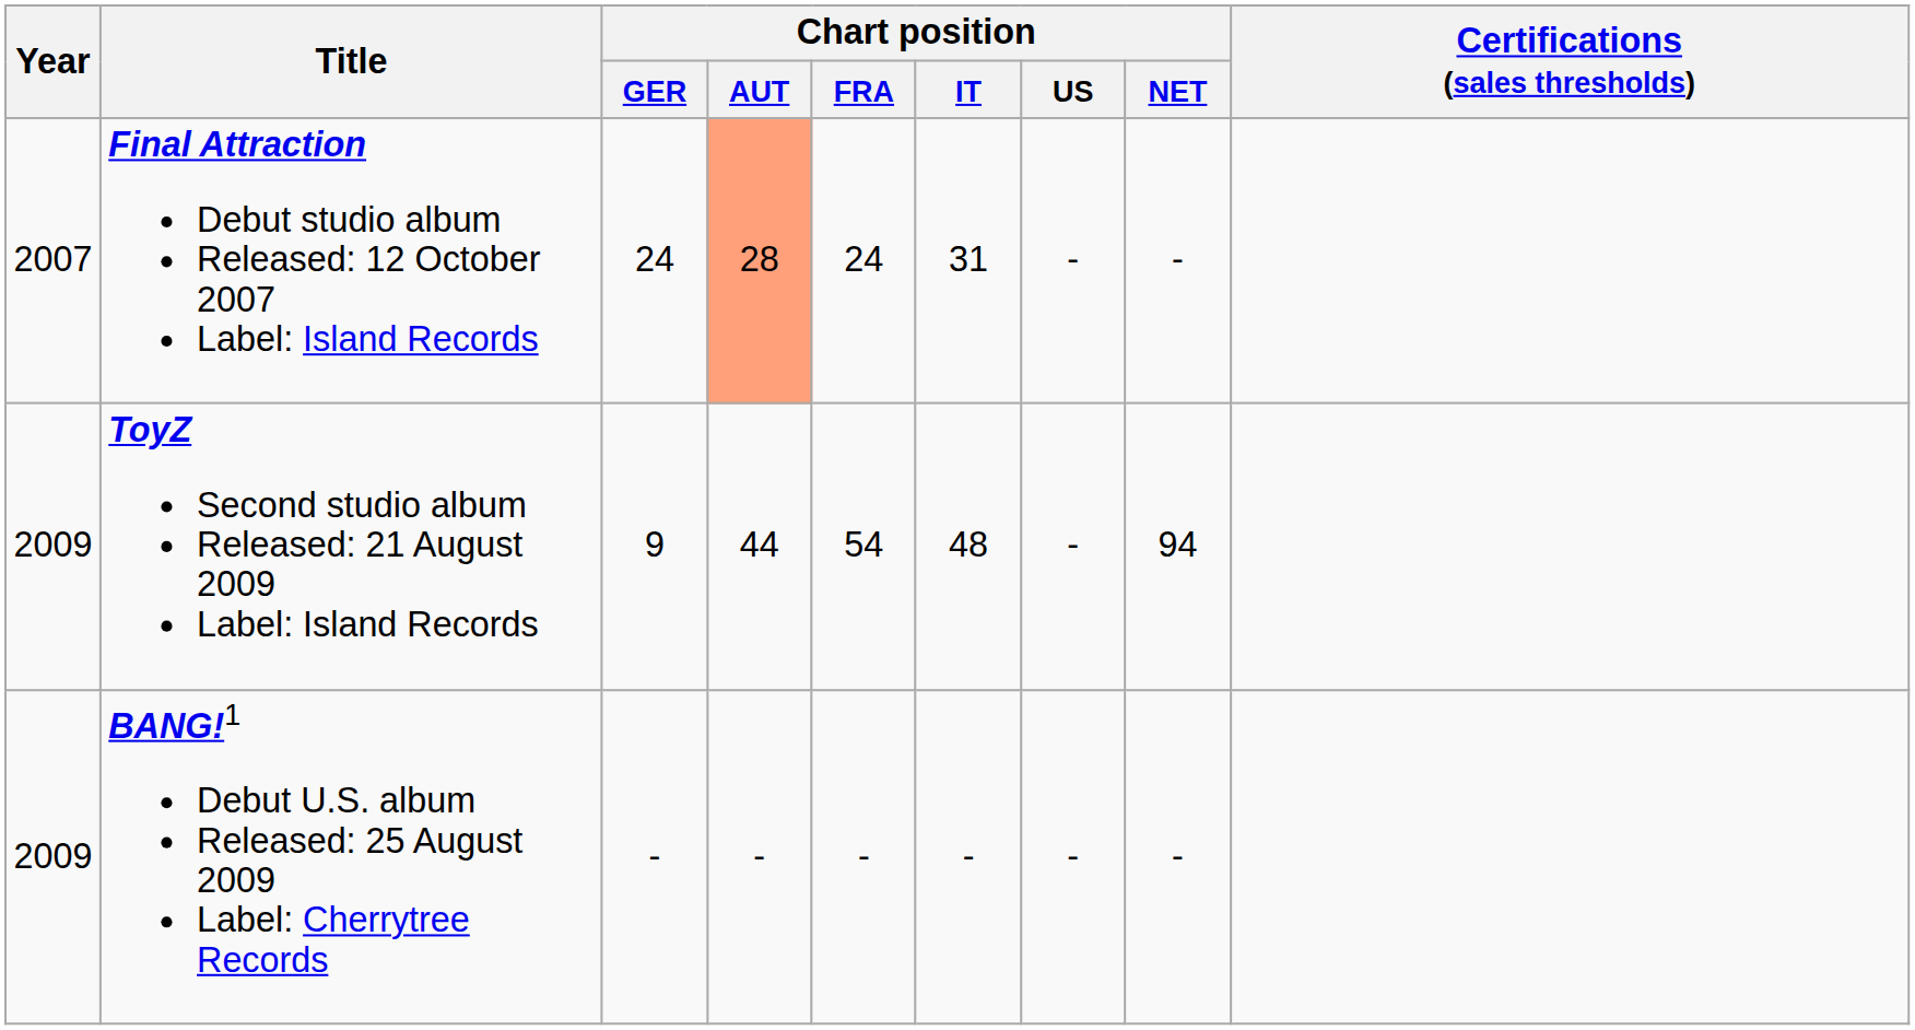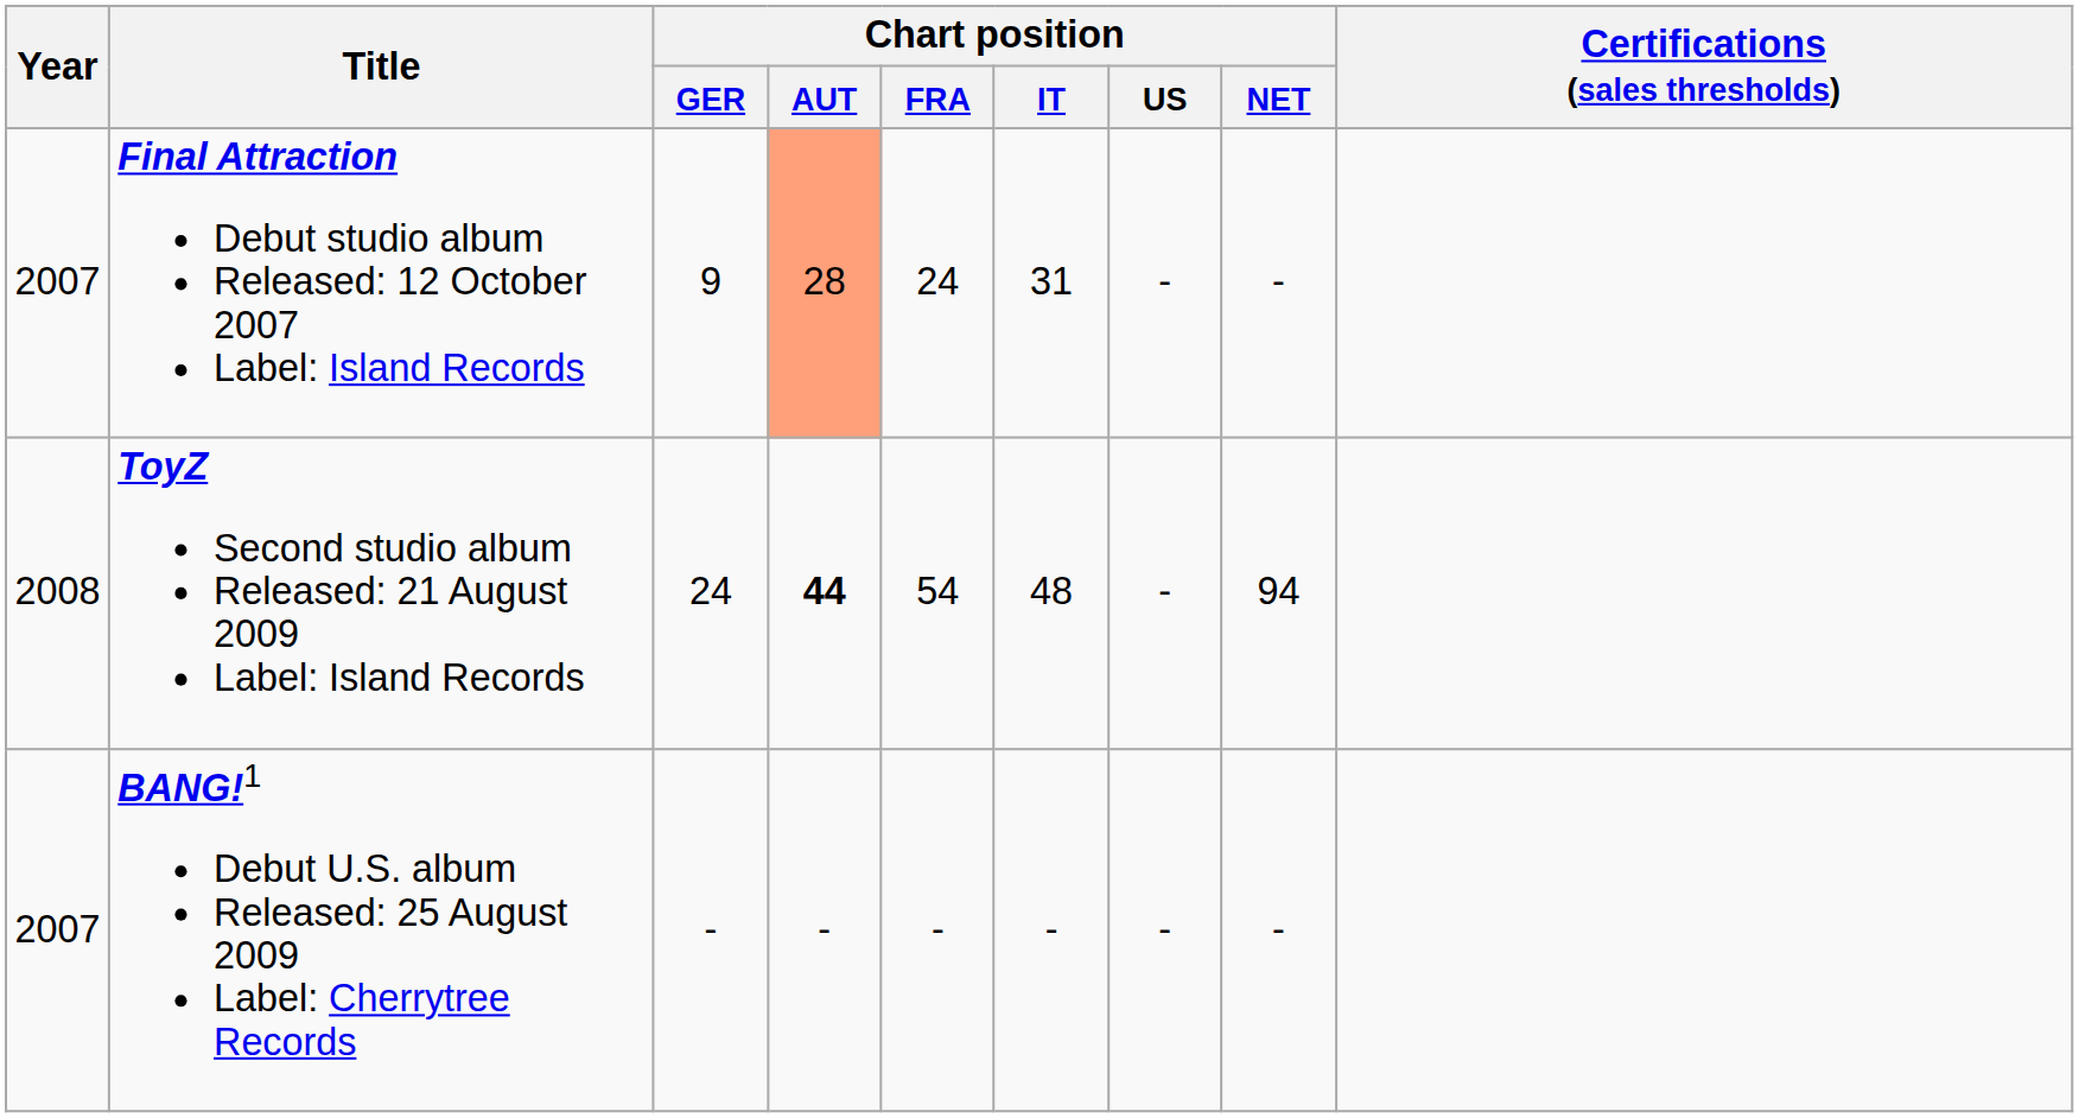 <table class="wikitable">
 <tr>
 <th rowspan="2">Year</th>
 <th style="width:220px;" rowspan="2">Title</th>
 <th colspan="6">Chart position</th>
 <th style="width:300px;" rowspan="2"><a href='#'>Certifications</a><br><small>(<a href='#'>sales thresholds</a>)</small></th>
 </tr>
 <tr>
 <th width="40"><small><a href='#'>GER</a></small></th>
 <th width="40"><small><a href='#'>AUT</a></small></th>
 <th width="40"><small><a href='#'>FRA</a></small></th>
 <th width="40"><small><a href='#'>IT</a></small></th>
 <th width="40"><small>US</small></th>
 <th width="40"><small><a href='#'>NET</a></small></th>
 </tr>
 <tr>
 <td>2007</td>
 <td><strong><em><a href='#'>Final Attraction</a></em></strong><br><ul><li>Debut studio album</li><li>Released: 12 October 2007</li><li>Label: <a href='#'>Island Records</a></li></ul></td>
-<td style="text-align:center;">24</td>
+<td style="text-align:center;">9</td>
 <td style="background: lightsalmon; text-align:center;">28</td>
 <td style="text-align:center;">24</td>
 <td style="text-align:center;">31</td>
 <td style="text-align:center;">-</td>
 <td style="text-align:center;">-</td>
 <td></td>
 </tr>
 <tr>
-<td>2009</td>
+<td>2008</td>
 <td><strong><em><a href='#'>ToyZ</a></em></strong><br><ul><li>Second studio album</li><li>Released: 21 August 2009</li><li>Label: Island Records</li></ul></td>
-<td style="text-align:center;">9</td>
-<td style="text-align:center;">44</td>
+<td style="text-align:center;">24</td>
+<td style="text-align:center;"><strong>44</strong></td>
 <td style="text-align:center;">54</td>
 <td style="text-align:center;">48</td>
 <td style="text-align:center;">-</td>
 <td style="text-align:center;">94</td>
 <td><small></small></td>
 </tr>
 <tr>
-<td>2009</td>
+<td>2007</td>
 <td><strong><em><a href='#'>BANG!</a></em></strong><sup>1</sup><br><ul><li>Debut U.S. album</li><li>Released: 25 August 2009</li><li>Label: <a href='#'>Cherrytree Records</a></li></ul></td>
 <td style="text-align:center;">-</td>
 <td style="text-align:center;">-</td>
 <td style="text-align:center;">-</td>
 <td style="text-align:center;">-</td>
 <td style="text-align:center;">-</td>
 <td style="text-align:center;">-</td>
 <td><small></small></td>
 </tr>
 </table>
